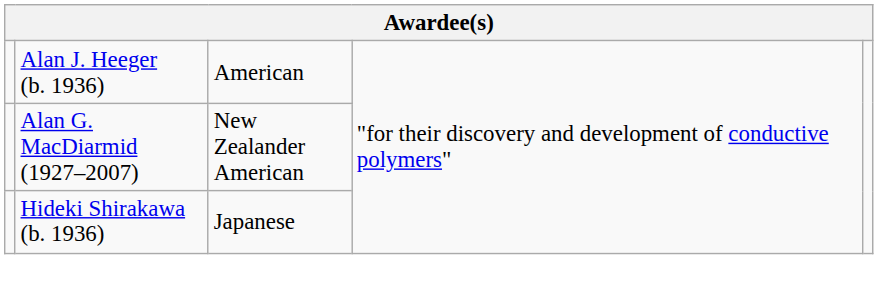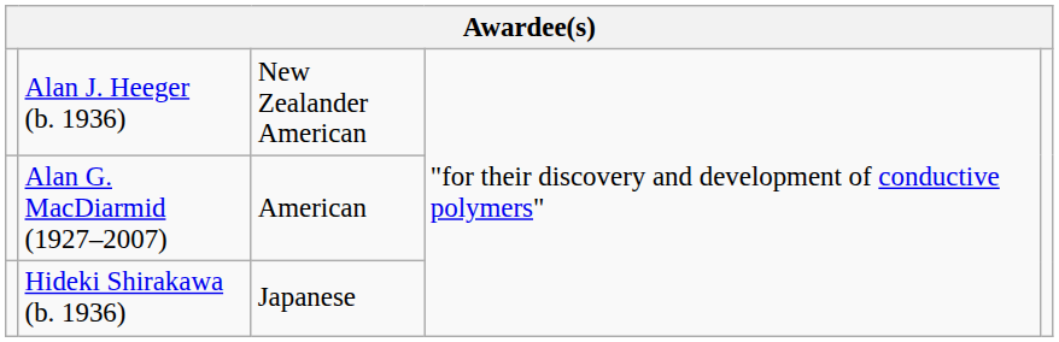 <table class="wikitable">
 <tr>
 <th colspan="5">Awardee(s)</th>
 </tr>
 <tr>
 <td></td>
 <td><a href='#'>Alan J. Heeger</a><br>(b. 1936)</td>
-<td> American</td>
+<td> New Zealander<br> American</td>
 <td rowspan="3">"for their discovery and development of <a href='#'>conductive polymers</a>"</td>
 <td rowspan="3"></td>
 </tr>
 <tr>
 <td></td>
 <td><a href='#'>Alan G. MacDiarmid</a><br>(1927–2007)</td>
-<td> New Zealander<br> American</td>
+<td> American</td>
 </tr>
 <tr>
 <td></td>
 <td><a href='#'>Hideki Shirakawa</a><br>(b. 1936)</td>
 <td> Japanese</td>
 </tr>
 </table>
